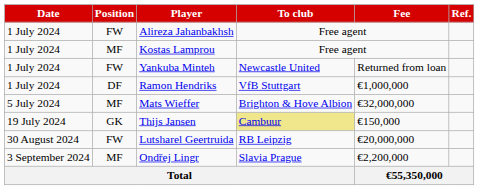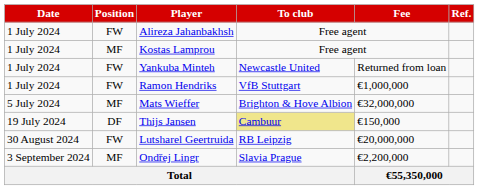 <table class="wikitable sortable">
 <tr>
 <th style="background:#d50000; color:white;">Date</th>
 <th style="background:#d50000; color:white;">Position</th>
 <th style="background:#d50000; color:white;">Player</th>
 <th style="background:#d50000; color:white;">To club</th>
 <th style="background:#d50000; color:white;">Fee</th>
 <th style="background:#d50000; color:white;">Ref.</th>
 </tr>
 <tr>
 <td>1 July 2024</td>
 <td style="text-align:center;">FW</td>
 <td style="text-align;left:"> <a href='#'>Alireza Jahanbakhsh</a></td>
 <td style="text-align:center;" colspan="2">Free agent</td>
 <td></td>
 </tr>
 <tr>
 <td>1 July 2024</td>
 <td style="text-align:center;">MF</td>
 <td style="text-align;left:"> <a href='#'>Kostas Lamprou</a></td>
 <td style="text-align:center;" colspan="2">Free agent</td>
 <td></td>
 </tr>
 <tr>
 <td>1 July 2024</td>
 <td style="text-align:center;">FW</td>
 <td style="text-align;left:"> <a href='#'>Yankuba Minteh</a></td>
 <td style="text-align:left;"> <a href='#'>Newcastle United</a></td>
 <td>Returned from loan</td>
 <td></td>
 </tr>
 <tr>
 <td>1 July 2024</td>
-<td style="text-align:center;">DF</td>
+<td style="text-align:center;">FW</td>
 <td style="text-align;left:"> <a href='#'>Ramon Hendriks</a></td>
 <td style="text-align:left;"> <a href='#'>VfB Stuttgart</a></td>
 <td>€1,000,000</td>
 <td></td>
 </tr>
 <tr>
 <td>5 July 2024</td>
 <td style="text-align:center;">MF</td>
 <td style="text-align;left:"> <a href='#'>Mats Wieffer</a></td>
 <td style="text-align:left;"> <a href='#'>Brighton & Hove Albion</a></td>
 <td>€32,000,000</td>
 <td></td>
 </tr>
 <tr>
 <td>19 July 2024</td>
-<td style="text-align:center;">GK</td>
+<td style="text-align:center;">DF</td>
 <td style="text-align;left:"> <a href='#'>Thijs Jansen</a></td>
 <td style="background: khaki; text-align:left;"> <a href='#'>Cambuur</a></td>
 <td>€150,000</td>
 <td></td>
 </tr>
 <tr>
 <td>30 August 2024</td>
 <td style="text-align:center;">FW</td>
 <td style="text-align;left:"> <a href='#'>Lutsharel Geertruida</a></td>
 <td style="text-align:left;"> <a href='#'>RB Leipzig</a></td>
 <td>€20,000,000</td>
 <td></td>
 </tr>
 <tr>
 <td>3 September 2024</td>
 <td style="text-align:center;">MF</td>
 <td style="text-align;left:"> <a href='#'>Ondřej Lingr</a></td>
 <td style="text-align:left;"> <a href='#'>Slavia Prague</a></td>
 <td>€2,200,000</td>
 <td></td>
 </tr>
 <tr>
 <th colspan="4">Total</th>
 <th colspan="2">€55,350,000</th>
 </tr>
 </table>
